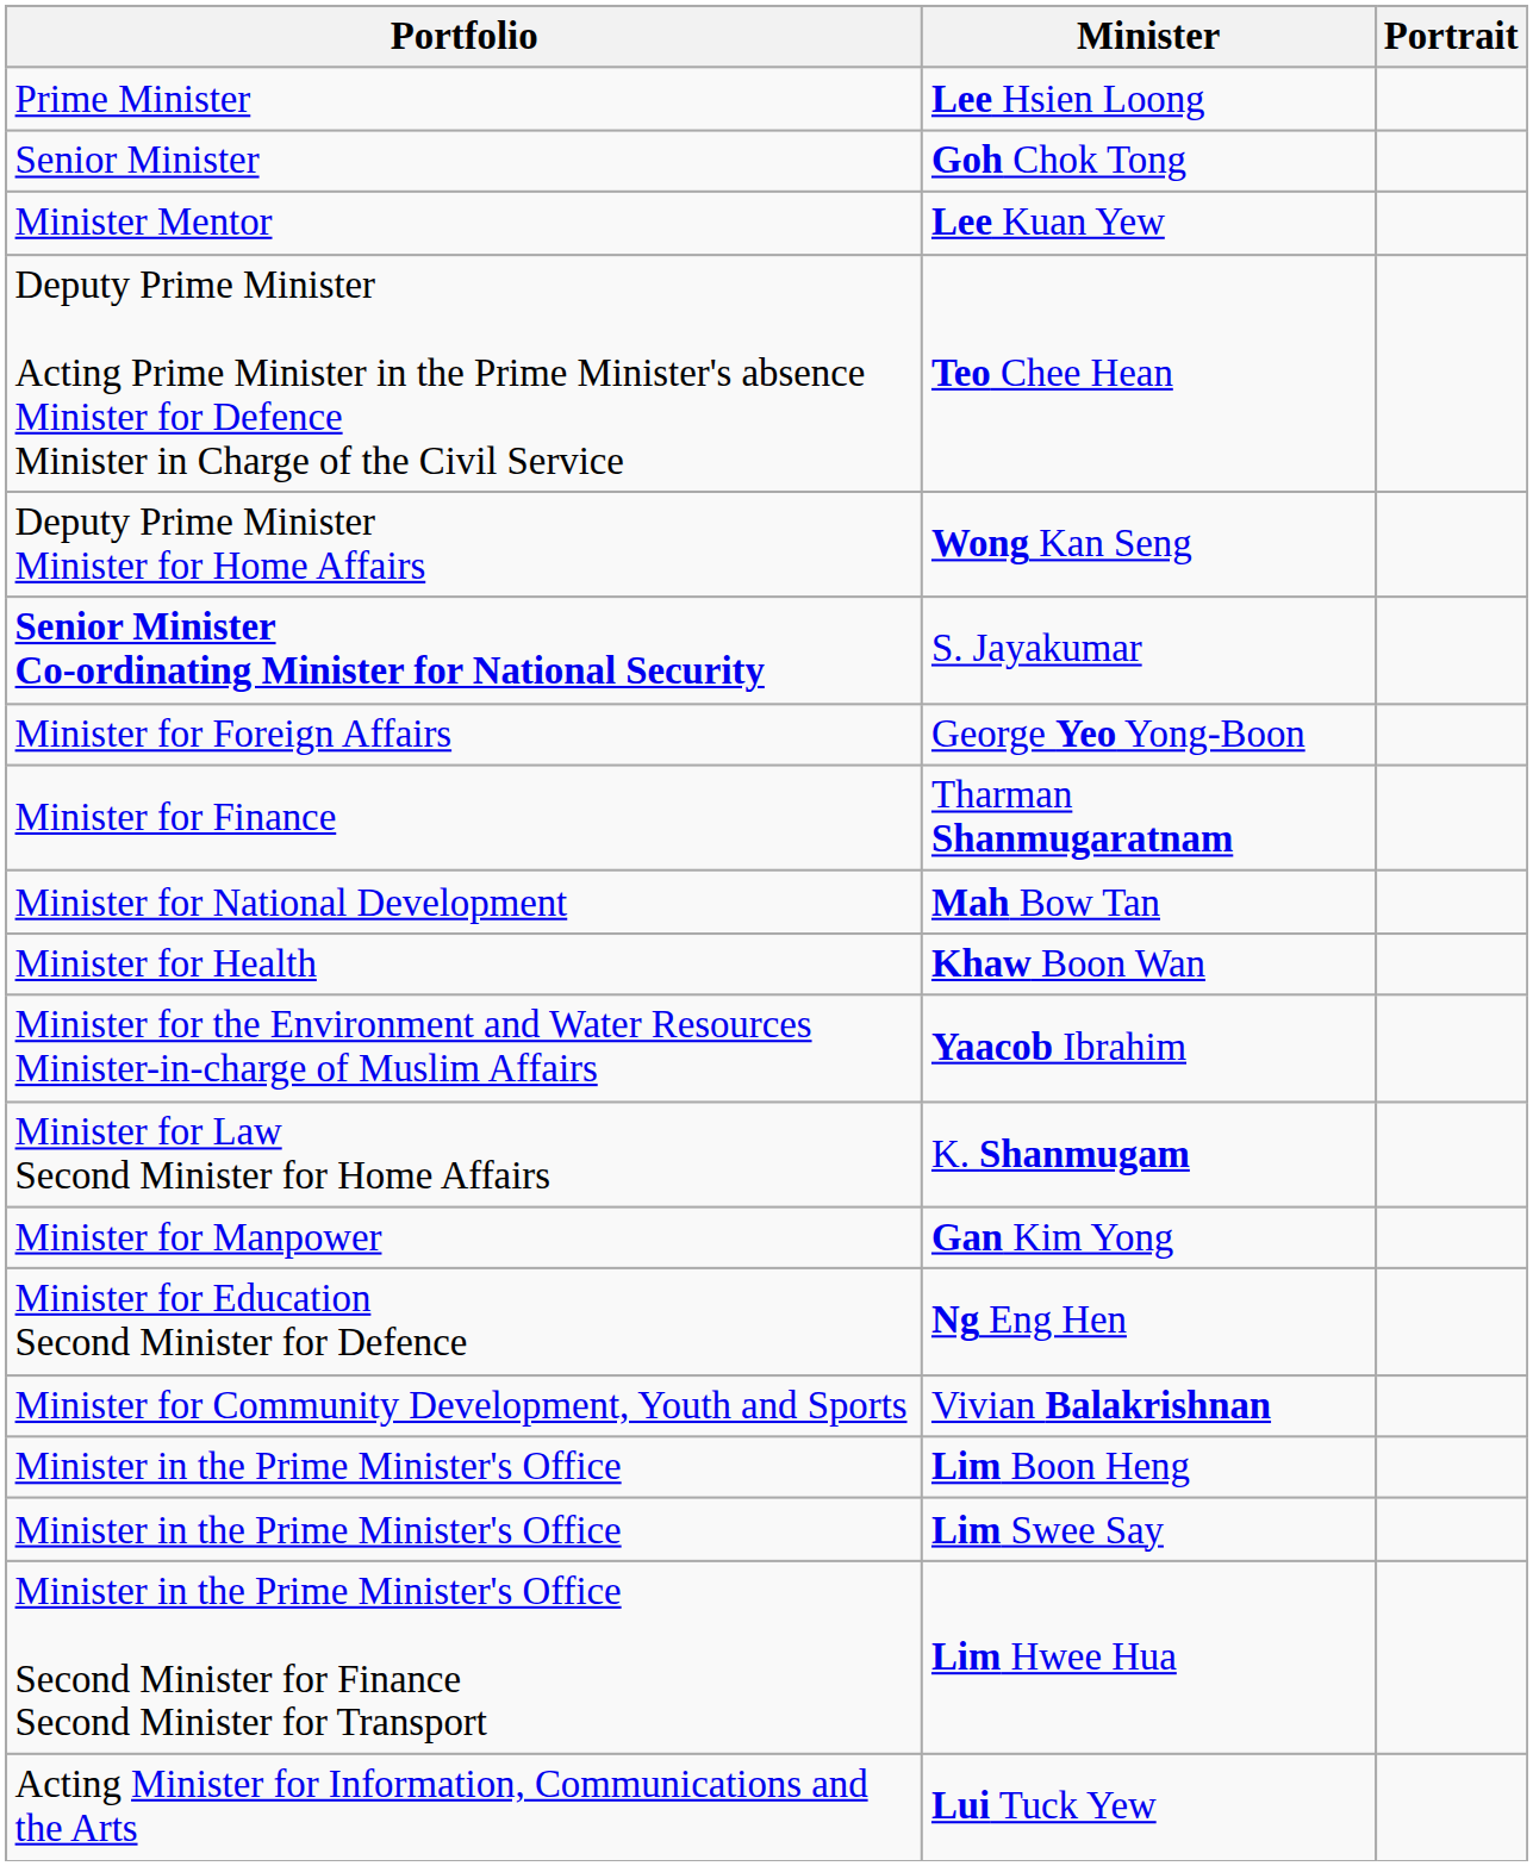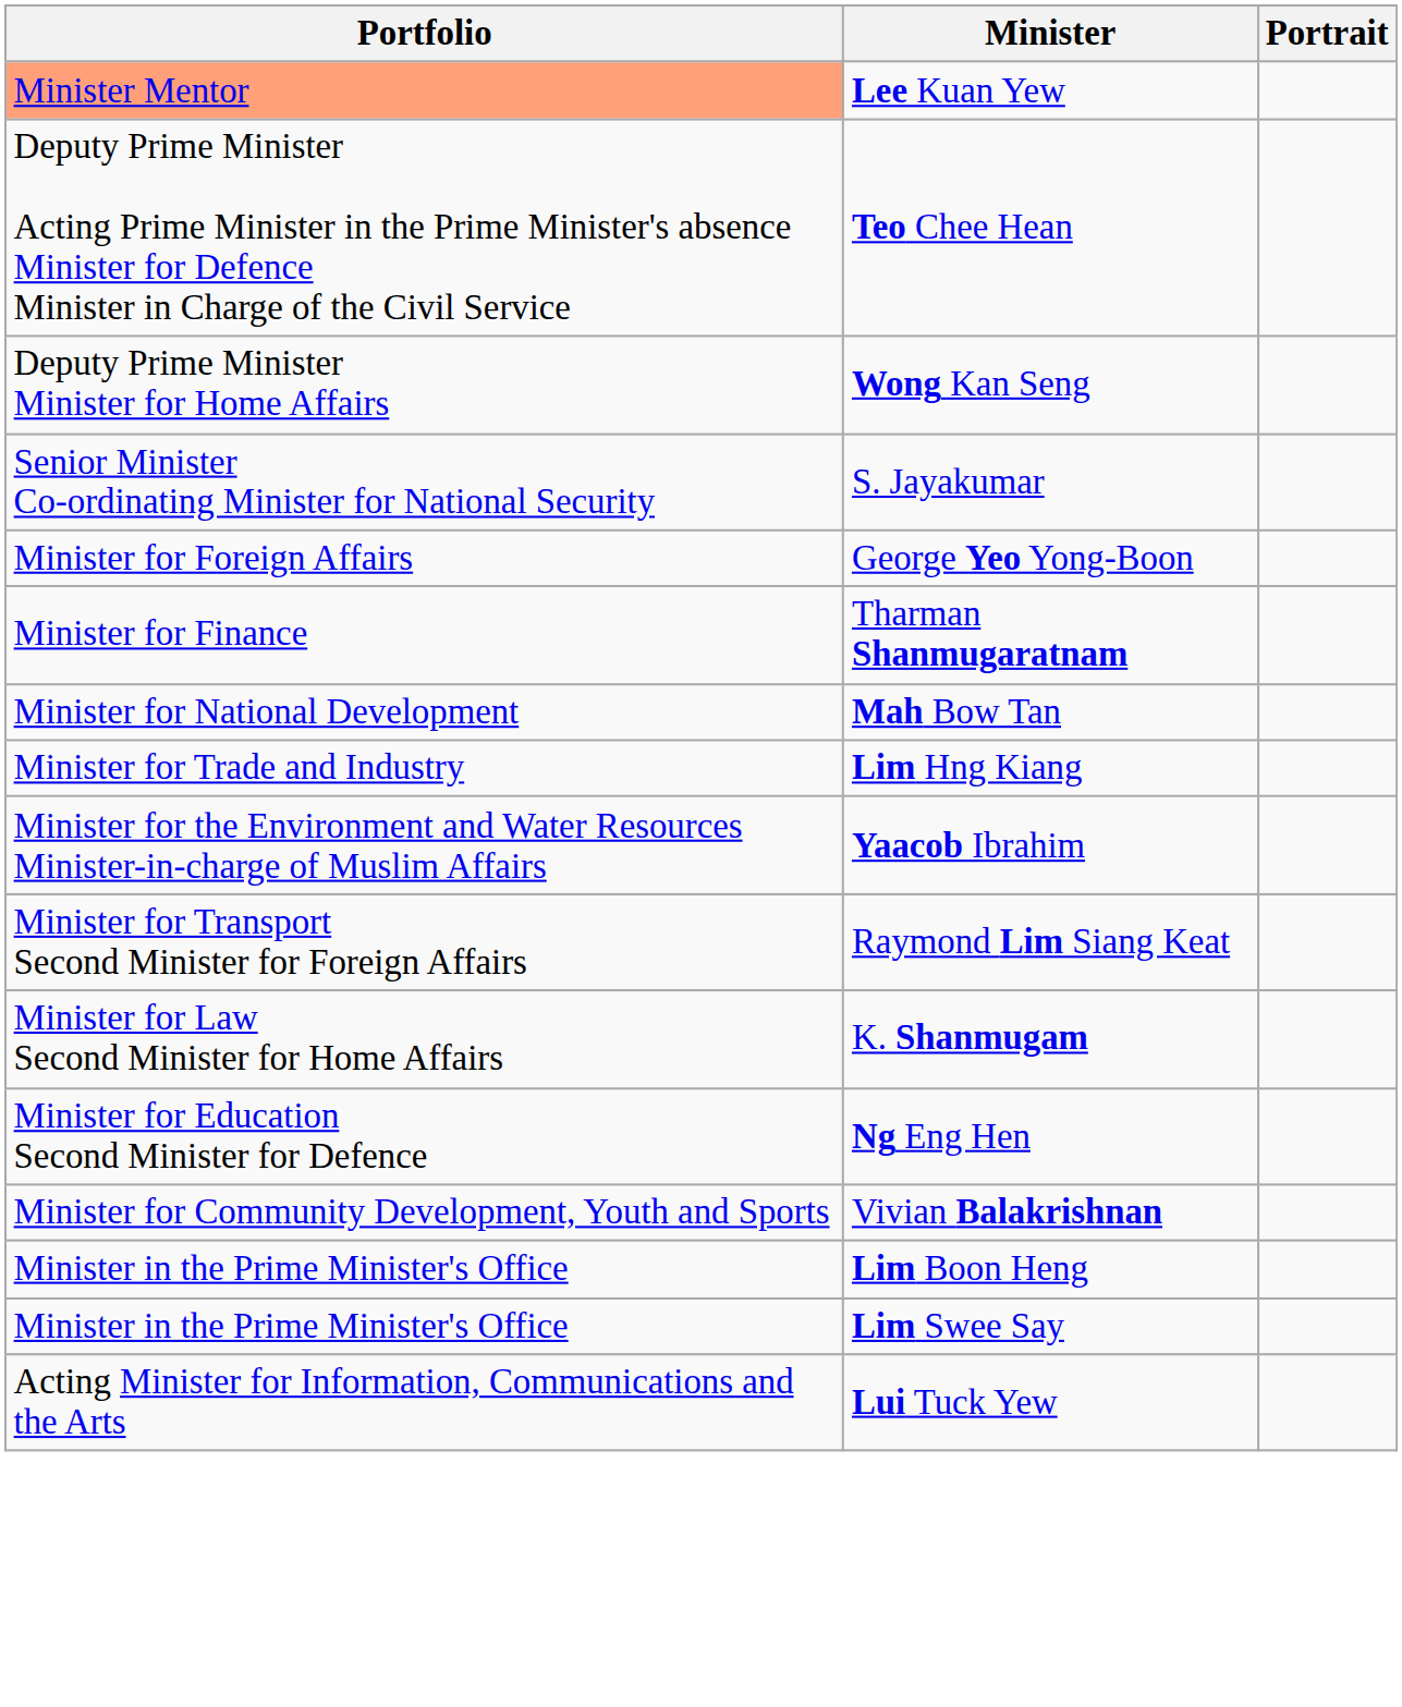 <table class=wikitable style="margin:1em auto;">
 <tr>
 <th>Portfolio</th>
 <th>Minister</th>
 <th>Portrait</th>
 </tr>
 <tr>
-<td><a href='#'>Prime Minister</a></td>
-<td><a href='#'><strong>Lee</strong> Hsien Loong</a></td>
-<td></td>
-</tr>
-<tr>
-<td><a href='#'>Senior Minister</a></td>
-<td><a href='#'><strong>Goh</strong> Chok Tong</a></td>
-<td></td>
-</tr>
-<tr>
-<td><a href='#'>Minister Mentor</a></td>
+<td style="background: lightsalmon;"><a href='#'>Minister Mentor</a></td>
 <td><a href='#'><strong>Lee</strong> Kuan Yew</a></td>
 <td></td>
 </tr>
 <tr>
 <td>Deputy Prime Minister<br><br>Acting Prime Minister in the Prime Minister's absence<br> <a href='#'>Minister for Defence</a><br> Minister in Charge of the Civil Service</td>
 <td><a href='#'><strong>Teo</strong> Chee Hean</a></td>
 <td></td>
 </tr>
 <tr>
 <td>Deputy Prime Minister<br><a href='#'>Minister for Home Affairs</a></td>
 <td><a href='#'><strong>Wong</strong> Kan Seng</a></td>
 <td></td>
 </tr>
 <tr>
-<td><strong><a href='#'>Senior Minister</a><br><a href='#'>Co-ordinating Minister for National Security</a></strong></td>
+<td><a href='#'>Senior Minister</a><br><a href='#'>Co-ordinating Minister for National Security</a></td>
 <td><a href='#'>S. Jayakumar</a></td>
 <td></td>
 </tr>
 <tr>
 <td><a href='#'>Minister for Foreign Affairs</a></td>
 <td><a href='#'>George <strong>Yeo</strong> Yong-Boon</a></td>
 <td></td>
 </tr>
 <tr>
 <td><a href='#'>Minister for Finance</a></td>
 <td><a href='#'>Tharman <strong>Shanmugaratnam</strong></a></td>
 <td></td>
 </tr>
 <tr>
 <td><a href='#'>Minister for National Development</a></td>
 <td><a href='#'><strong>Mah</strong> Bow Tan</a></td>
 <td></td>
 </tr>
 <tr>
-<td><a href='#'>Minister for Health</a></td>
-<td><a href='#'><strong>Khaw</strong> Boon Wan</a></td>
+<td><a href='#'>Minister for Trade and Industry</a></td>
+<td><a href='#'><strong>Lim</strong> Hng Kiang</a></td>
 <td></td>
 </tr>
 <tr>
 <td><a href='#'>Minister for the Environment and Water Resources</a><br><a href='#'>Minister-in-charge of Muslim Affairs</a></td>
 <td><a href='#'><strong>Yaacob</strong> Ibrahim</a></td>
 <td></td>
 </tr>
 <tr>
-<td><a href='#'>Minister for Law</a><br>Second Minister for Home Affairs</td>
-<td><a href='#'>K. <strong>Shanmugam</strong></a></td>
+<td><a href='#'>Minister for Transport</a><br>Second Minister for Foreign Affairs</td>
+<td><a href='#'>Raymond <strong>Lim</strong> Siang Keat</a></td>
 <td></td>
 </tr>
 <tr>
-<td><a href='#'>Minister for Manpower</a></td>
-<td><a href='#'><strong>Gan</strong> Kim Yong</a></td>
+<td><a href='#'>Minister for Law</a><br>Second Minister for Home Affairs</td>
+<td><a href='#'>K. <strong>Shanmugam</strong></a></td>
 <td></td>
 </tr>
 <tr>
 <td><a href='#'>Minister for Education</a><br>Second Minister for Defence</td>
 <td><a href='#'><strong>Ng</strong> Eng Hen</a></td>
 <td></td>
 </tr>
 <tr>
 <td><a href='#'>Minister for Community Development, Youth and Sports</a></td>
 <td><a href='#'>Vivian <strong>Balakrishnan</strong></a></td>
 <td></td>
 </tr>
 <tr>
 <td><a href='#'>Minister in the Prime Minister's Office</a></td>
 <td><a href='#'><strong>Lim</strong> Boon Heng</a></td>
 <td></td>
 </tr>
 <tr>
 <td><a href='#'>Minister in the Prime Minister's Office</a></td>
 <td><a href='#'><strong>Lim</strong> Swee Say</a></td>
 <td></td>
 </tr>
 <tr>
-<td><a href='#'>Minister in the Prime Minister's Office</a><br><br>Second Minister for Finance<br> Second Minister for Transport</td>
-<td><a href='#'><strong>Lim</strong> Hwee Hua</a></td>
-<td></td>
-</tr>
-<tr>
 <td>Acting <a href='#'>Minister for Information, Communications and the Arts</a></td>
 <td><a href='#'><strong>Lui</strong> Tuck Yew</a></td>
 <td></td>
 </tr>
 </table>
